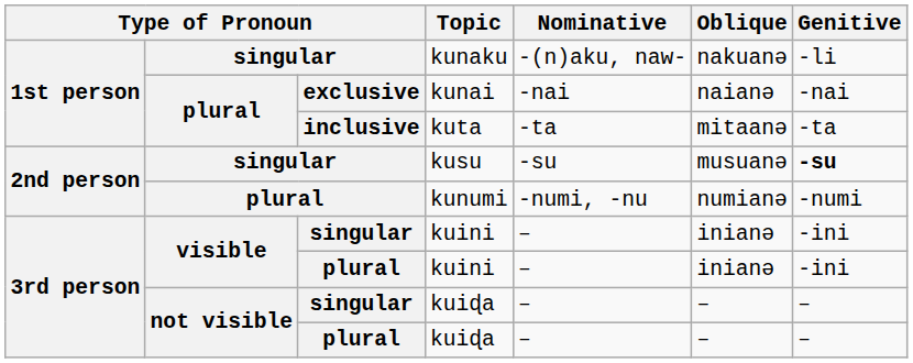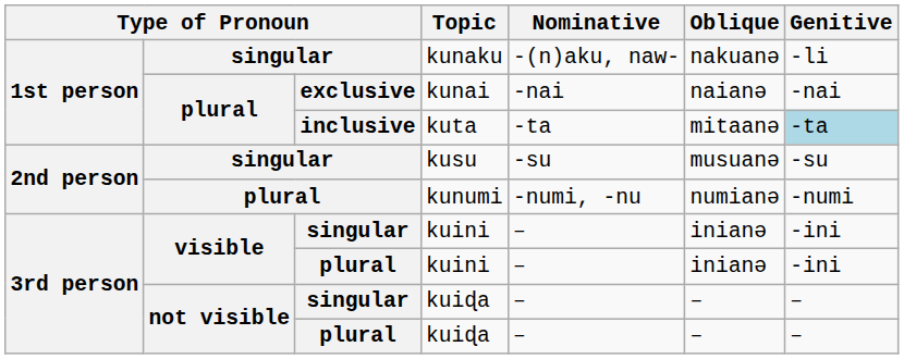 <table class="wikitable">
 <tr>
 <th colspan="3">Type of Pronoun</th>
 <th>Topic</th>
 <th>Nominative</th>
 <th>Oblique</th>
 <th>Genitive</th>
 </tr>
 <tr>
 <th rowspan="3">1st person</th>
 <th colspan="2">singular</th>
 <td>kunaku</td>
 <td>-(n)aku, naw-</td>
 <td>nakuanə</td>
 <td>-li</td>
 </tr>
 <tr>
 <th rowspan="2">plural</th>
 <th>exclusive</th>
 <td>kunai</td>
 <td>-nai</td>
 <td>naianə</td>
 <td>-nai</td>
 </tr>
 <tr>
 <th>inclusive</th>
 <td>kuta</td>
 <td>-ta</td>
 <td>mitaanə</td>
-<td>-ta</td>
+<td style="background: lightblue;">-ta</td>
 </tr>
 <tr>
 <th rowspan="2">2nd person</th>
 <th colspan="2">singular</th>
 <td>kusu</td>
 <td>-su</td>
 <td>musuanə</td>
-<td><strong>-su</strong></td>
+<td>-su</td>
 </tr>
 <tr>
 <th colspan="2">plural</th>
 <td>kunumi</td>
 <td>-numi, -nu</td>
 <td>numianə</td>
 <td>-numi</td>
 </tr>
 <tr>
 <th rowspan="4">3rd person</th>
 <th rowspan="2">visible</th>
 <th>singular</th>
 <td>kuini</td>
 <td>–</td>
 <td>inianə</td>
 <td>-ini</td>
 </tr>
 <tr>
 <th>plural</th>
 <td>kuini</td>
 <td>–</td>
 <td>inianə</td>
 <td>-ini</td>
 </tr>
 <tr>
 <th rowspan="2">not visible</th>
 <th>singular</th>
 <td>kuiɖa</td>
 <td>–</td>
 <td>–</td>
 <td>–</td>
 </tr>
 <tr>
 <th>plural</th>
 <td>kuiɖa</td>
 <td>–</td>
 <td>–</td>
 <td>–</td>
 </tr>
 </table>
